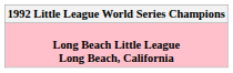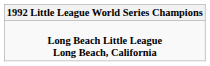 <table class="wikitable" style="text-align: center; margin: 0 auto;">
 <tr>
 <th>1992 Little League World Series Champions</th>
 </tr>
 <tr>
-<td style="background: pink;"><br><strong>Long Beach Little League</strong><br><strong>Long Beach, California</strong></td>
+<td><br><strong>Long Beach Little League</strong><br><strong>Long Beach, California</strong></td>
 </tr>
 </table>
